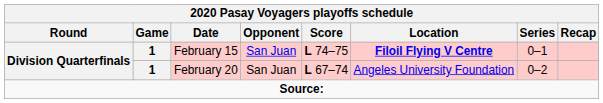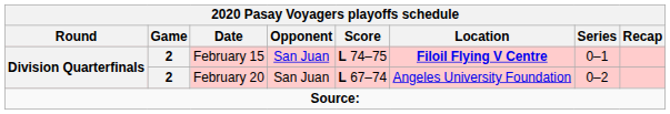 <table class="wikitable" style="text-align:center">
 <tr>
 <th colspan=8>2020 Pasay Voyagers playoffs schedule</th>
 </tr>
 <tr>
 <th>Round</th>
 <th>Game</th>
 <th>Date</th>
 <th>Opponent</th>
 <th>Score</th>
 <th>Location</th>
 <th>Series</th>
 <th>Recap<br></th>
 </tr>
 <tr style="background:#fcc">
 <th rowspan=2>Division Quarterfinals</th>
-<th>1</th>
+<th>2</th>
 <td>February 15</td>
 <td><a href='#'>San Juan</a></td>
 <td><strong>L</strong> 74–75</td>
 <td><strong><a href='#'>Filoil Flying V Centre</a></strong></td>
 <td>0–1</td>
 <td></td>
 </tr>
 <tr style="background:#fcc">
-<th>1</th>
+<th>2</th>
 <td>February 20</td>
 <td>San Juan</td>
 <td><strong>L</strong> 67–74</td>
 <td><a href='#'>Angeles University Foundation</a></td>
 <td>0–2</td>
 <td></td>
 </tr>
 <tr>
 <td colspan=8 align=center><strong>Source: </strong></td>
 </tr>
 </table>
